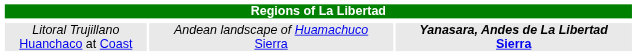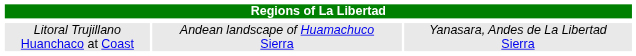 <table class="toc" cellpadding=0 cellspacing=3 width=810px style="float:center; margin: 0.5em 0.5em 0.5em 1em; padding: 0.5e">
 <tr>
 <td colspan=8 style="background:#green; color:white; font-size:100%" align=center bgcolor="green"><strong>Regions of La Libertad</strong></td>
 </tr>
 <tr>
 <td align=center valign=center bgcolor="white"></td>
 <td align=center valign=center bgcolor="white"></td>
 <td align=center valign=center bgcolor="white"></td>
 </tr>
 <tr>
 <td style="background:#e9e9e9;" align=center><em>Litoral Trujillano</em><br><a href='#'>Huanchaco</a> at <a href='#'>Coast</a></td>
 <td style="background:#e9e9e9;" align=center><em>Andean landscape of <a href='#'>Huamachuco</a></em><br><a href='#'>Sierra</a></td>
-<td style="background:#e9e9e9;" align=center><strong><em>Yanasara, Andes de La Libertad </em><br><a href='#'>Sierra</a></strong></td>
+<td style="background:#e9e9e9;" align=center><em>Yanasara, Andes de La Libertad </em><br><a href='#'>Sierra</a></td>
 </tr>
 <tr>
 </tr>
 </table>
